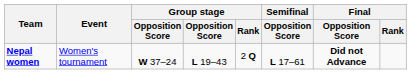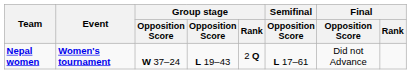 <table class=wikitable style=font-size:90%;text-align:center>
 <tr>
 <th rowspan=2>Team</th>
 <th rowspan=2>Event</th>
 <th colspan=3>Group stage</th>
 <th>Semifinal</th>
 <th colspan=2>Final</th>
 </tr>
 <tr style=font-size:95%>
 <th>Opposition<br>Score</th>
 <th>Opposition<br>Score</th>
 <th>Rank</th>
 <th>Opposition<br>Score</th>
 <th>Opposition<br>Score</th>
 <th>Rank</th>
 </tr>
 <tr>
 <td align=left><strong><a href='#'>Nepal women</a></strong></td>
-<td align=left><a href='#'>Women's tournament</a></td>
+<td align=left><strong><a href='#'>Women's tournament</a></strong></td>
 <td><br><strong>W</strong> 37–24</td>
 <td><br><strong>L</strong> 19–43</td>
 <td>2 <strong>Q</strong></td>
 <td><br><strong>L</strong> 17–61</td>
-<td><strong>Did not Advance</strong></td>
+<td>Did not Advance</td>
 <td></td>
 </tr>
 </table>
